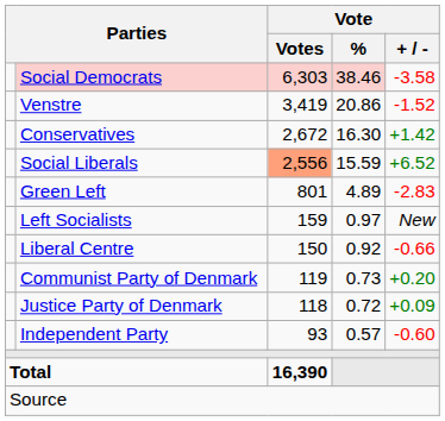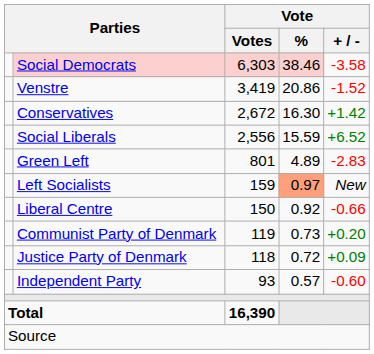 <table class="wikitable" style="text-align:right;">
 <tr>
 <th style="text-align:centre;" rowspan="2" colspan="2" width="225">Parties</th>
 <th colspan="3">Vote</th>
 </tr>
 <tr>
 <th width="15">Votes</th>
 <th width="15">%</th>
 <th width="15">+ / -</th>
 </tr>
 <tr>
 <td width="2" style="color:inherit;background:"></td>
 <td bgcolor=#fbd0ce  align="left"><a href='#'>Social Democrats</a></td>
 <td bgcolor=#fbd0ce>6,303</td>
 <td bgcolor=#fbd0ce>38.46</td>
 <td style=color:red;>-3.58</td>
 </tr>
 <tr>
 <td width="2" style="color:inherit;background:"></td>
 <td align="left"><a href='#'>Venstre</a></td>
 <td>3,419</td>
 <td>20.86</td>
 <td style=color:red;>-1.52</td>
 </tr>
 <tr>
 <td width="2" style="color:inherit;background:"></td>
 <td align="left"><a href='#'>Conservatives</a></td>
 <td>2,672</td>
 <td>16.30</td>
 <td style=color:green;>+1.42</td>
 </tr>
 <tr>
 <td width="2" style="color:inherit;background:"></td>
 <td align="left"><a href='#'>Social Liberals</a></td>
-<td style="background: lightsalmon;">2,556</td>
+<td>2,556</td>
 <td>15.59</td>
 <td style=color:green;>+6.52</td>
 </tr>
 <tr>
 <td width="2" style="color:inherit;background:"></td>
 <td align="left"><a href='#'>Green Left</a></td>
 <td>801</td>
 <td>4.89</td>
 <td style=color:red;>-2.83</td>
 </tr>
 <tr>
 <td width="2" style="color:inherit;background:"></td>
 <td align="left"><a href='#'>Left Socialists</a></td>
 <td>159</td>
-<td>0.97</td>
+<td style="background: lightsalmon;">0.97</td>
 <td><em>New</em></td>
 </tr>
 <tr>
 <td width="2" style="color:inherit;background:"></td>
 <td align="left"><a href='#'>Liberal Centre</a></td>
 <td>150</td>
 <td>0.92</td>
 <td style=color:red;>-0.66</td>
 </tr>
 <tr>
 <td width="2" style="color:inherit;background:"></td>
 <td align="left"><a href='#'>Communist Party of Denmark</a></td>
 <td>119</td>
 <td>0.73</td>
 <td style=color:green;>+0.20</td>
 </tr>
 <tr>
 <td width="2" style="color:inherit;background:"></td>
 <td align="left"><a href='#'>Justice Party of Denmark</a></td>
 <td>118</td>
 <td>0.72</td>
 <td style=color:green;>+0.09</td>
 </tr>
 <tr>
 <td width="2" style="color:inherit;background:"></td>
 <td align="left"><a href='#'>Independent Party</a></td>
 <td>93</td>
 <td>0.57</td>
 <td style=color:red;>-0.60</td>
 </tr>
 <tr>
 <td colspan="7" bgcolor="#E9E9E9"></td>
 </tr>
 <tr>
 <td align="left" colspan="2"><strong>Total</strong></td>
 <td><strong>16,390</strong></td>
 <td bgcolor="#E9E9E9" colspan="2"></td>
 </tr>
 <tr>
 <td align="left" colspan="6">Source</td>
 </tr>
 </table>
